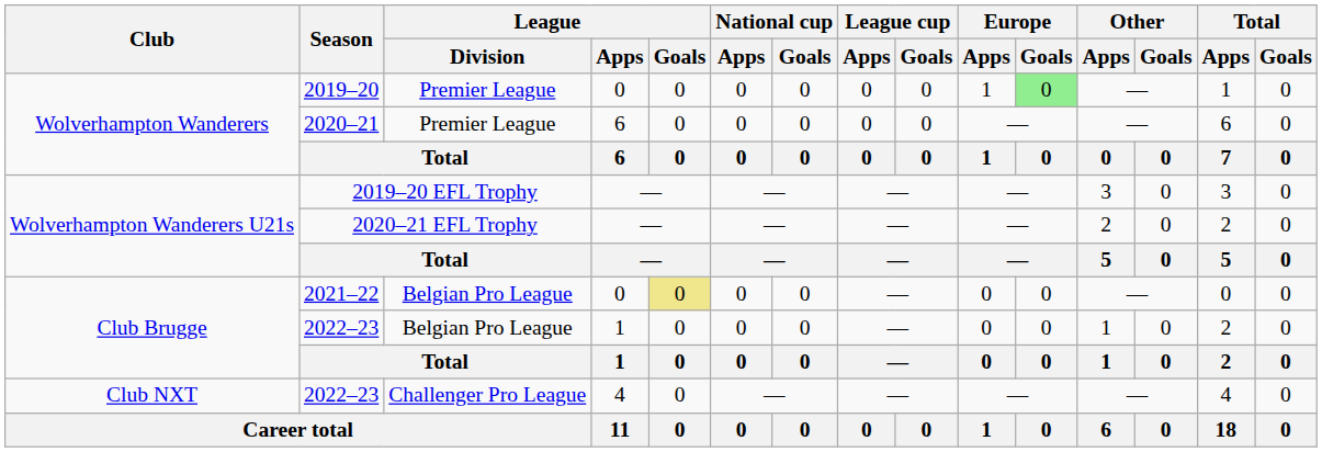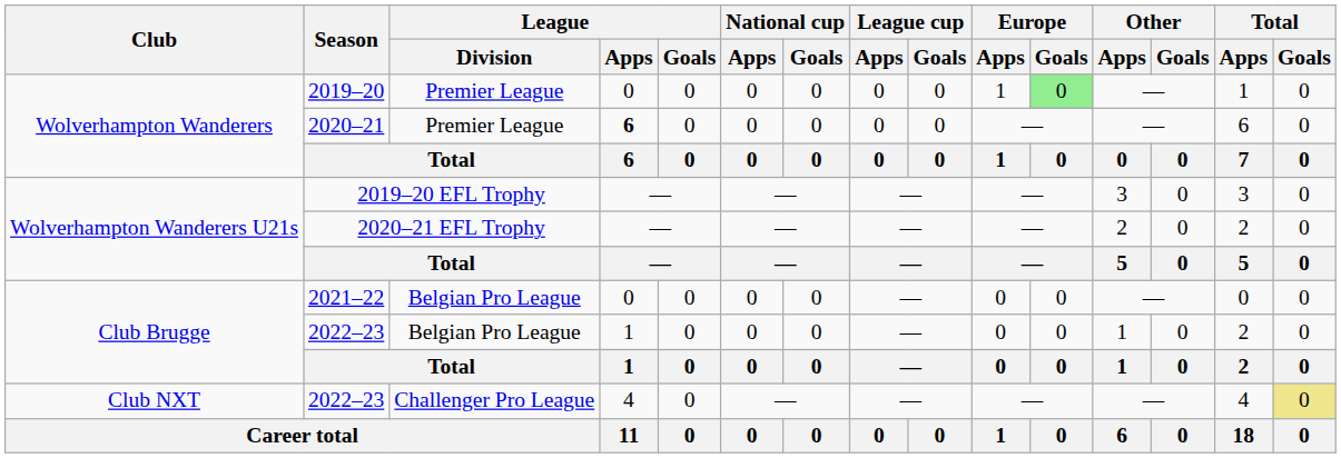 <table class="wikitable" style="text-align: center">
 <tr>
 <th rowspan="2">Club</th>
 <th rowspan="2">Season</th>
 <th colspan="3">League</th>
 <th colspan="2">National cup</th>
 <th colspan="2">League cup</th>
 <th colspan="2">Europe</th>
 <th colspan="2">Other</th>
 <th colspan="2">Total</th>
 </tr>
 <tr>
 <th>Division</th>
 <th>Apps</th>
 <th>Goals</th>
 <th>Apps</th>
 <th>Goals</th>
 <th>Apps</th>
 <th>Goals</th>
 <th>Apps</th>
 <th>Goals</th>
 <th>Apps</th>
 <th>Goals</th>
 <th>Apps</th>
 <th>Goals</th>
 </tr>
 <tr>
 <td rowspan="3"><a href='#'>Wolverhampton Wanderers</a></td>
 <td><a href='#'>2019–20</a></td>
 <td><a href='#'>Premier League</a></td>
 <td>0</td>
 <td>0</td>
 <td>0</td>
 <td>0</td>
 <td>0</td>
 <td>0</td>
 <td>1</td>
 <td style="background: lightgreen;">0</td>
 <td colspan=2>—</td>
 <td>1</td>
 <td>0</td>
 </tr>
 <tr>
 <td><a href='#'>2020–21</a></td>
 <td>Premier League</td>
-<td>6</td>
+<td><strong>6</strong></td>
 <td>0</td>
 <td>0</td>
 <td>0</td>
 <td>0</td>
 <td>0</td>
 <td colspan=2>—</td>
 <td colspan=2>—</td>
 <td>6</td>
 <td>0</td>
 </tr>
 <tr>
 <th colspan="2">Total</th>
 <th>6</th>
 <th>0</th>
 <th>0</th>
 <th>0</th>
 <th>0</th>
 <th>0</th>
 <th>1</th>
 <th>0</th>
 <th>0</th>
 <th>0</th>
 <th>7</th>
 <th>0</th>
 </tr>
 <tr>
 <td rowspan="3"><a href='#'>Wolverhampton Wanderers U21s</a></td>
 <td colspan="2"><a href='#'>2019–20 EFL Trophy</a></td>
 <td colspan=2>—</td>
 <td colspan=2>—</td>
 <td colspan=2>—</td>
 <td colspan=2>—</td>
 <td>3</td>
 <td>0</td>
 <td>3</td>
 <td>0</td>
 </tr>
 <tr>
 <td colspan="2"><a href='#'>2020–21 EFL Trophy</a></td>
 <td colspan=2>—</td>
 <td colspan=2>—</td>
 <td colspan=2>—</td>
 <td colspan=2>—</td>
 <td>2</td>
 <td>0</td>
 <td>2</td>
 <td>0</td>
 </tr>
 <tr>
 <th colspan="2">Total</th>
 <th colspan=2>—</th>
 <th colspan=2>—</th>
 <th colspan=2>—</th>
 <th colspan=2>—</th>
 <th>5</th>
 <th>0</th>
 <th>5</th>
 <th>0</th>
 </tr>
 <tr>
 <td rowspan="3"><a href='#'>Club Brugge</a></td>
 <td><a href='#'>2021–22</a></td>
 <td><a href='#'>Belgian Pro League</a></td>
 <td>0</td>
-<td style="background: khaki;">0</td>
+<td>0</td>
 <td>0</td>
 <td>0</td>
 <td colspan=2>—</td>
 <td>0</td>
 <td>0</td>
 <td colspan=2>—</td>
 <td>0</td>
 <td>0</td>
 </tr>
 <tr>
 <td><a href='#'>2022–23</a></td>
 <td>Belgian Pro League</td>
 <td>1</td>
 <td>0</td>
 <td>0</td>
 <td>0</td>
 <td colspan=2>—</td>
 <td>0</td>
 <td>0</td>
 <td>1</td>
 <td>0</td>
 <td>2</td>
 <td>0</td>
 </tr>
 <tr>
 <th colspan="2">Total</th>
 <th>1</th>
 <th>0</th>
 <th>0</th>
 <th>0</th>
 <th colspan=2>—</th>
 <th>0</th>
 <th>0</th>
 <th>1</th>
 <th>0</th>
 <th>2</th>
 <th>0</th>
 </tr>
 <tr>
 <td><a href='#'>Club NXT</a></td>
 <td><a href='#'>2022–23</a></td>
 <td><a href='#'>Challenger Pro League</a></td>
 <td>4</td>
 <td>0</td>
 <td colspan="2">—</td>
 <td colspan="2">—</td>
 <td colspan="2">—</td>
 <td colspan="2">—</td>
 <td>4</td>
-<td>0</td>
+<td style="background: khaki;">0</td>
 </tr>
 <tr>
 <th colspan="3">Career total</th>
 <th>11</th>
 <th>0</th>
 <th>0</th>
 <th>0</th>
 <th>0</th>
 <th>0</th>
 <th>1</th>
 <th>0</th>
 <th>6</th>
 <th>0</th>
 <th>18</th>
 <th>0</th>
 </tr>
 </table>
